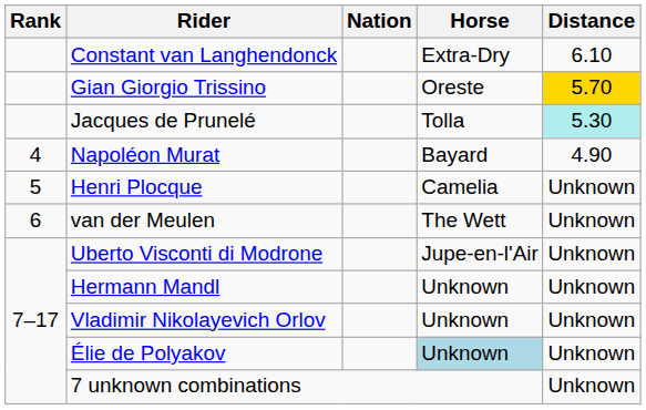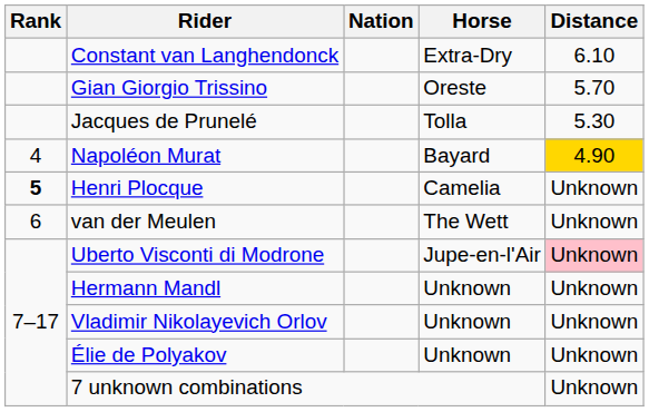 <table class="wikitable sortable" style="text-align:center">
 <tr>
 <th>Rank</th>
 <th>Rider</th>
 <th>Nation</th>
 <th>Horse</th>
 <th>Distance</th>
 </tr>
 <tr>
 <td></td>
 <td align=left><a href='#'>Constant van Langhendonck</a></td>
 <td align=left></td>
 <td align=left>Extra-Dry</td>
 <td align=center>6.10</td>
 </tr>
 <tr>
 <td></td>
 <td align=left><a href='#'>Gian Giorgio Trissino</a></td>
 <td align=left></td>
 <td align=left>Oreste</td>
-<td align=center style="background: gold;">5.70</td>
+<td align=center>5.70</td>
 </tr>
 <tr>
 <td></td>
 <td align=left>Jacques de Prunelé</td>
 <td align=left></td>
 <td align=left>Tolla</td>
-<td align=center style="background: paleturquoise;">5.30</td>
+<td align=center>5.30</td>
 </tr>
 <tr>
 <td>4</td>
 <td align=left><a href='#'>Napoléon Murat</a></td>
 <td align=left></td>
 <td align=left>Bayard</td>
-<td align=center>4.90</td>
+<td align=center style="background: gold;">4.90</td>
 </tr>
 <tr>
-<td>5</td>
+<td><strong>5</strong></td>
 <td align=left><a href='#'>Henri Plocque</a></td>
 <td align=left></td>
 <td align=left>Camelia</td>
 <td>Unknown</td>
 </tr>
 <tr>
 <td>6</td>
 <td align=left>van der Meulen</td>
 <td align=left></td>
 <td align=left>The Wett</td>
 <td>Unknown</td>
 </tr>
 <tr>
 <td rowspan=5>7–17</td>
 <td align=left><a href='#'>Uberto Visconti di Modrone</a></td>
 <td align=left></td>
 <td align=left>Jupe-en-l'Air</td>
-<td>Unknown</td>
+<td style="background: pink;">Unknown</td>
 </tr>
 <tr>
 <td align=left><a href='#'>Hermann Mandl</a></td>
 <td align=left></td>
 <td align=left>Unknown</td>
 <td>Unknown</td>
 </tr>
 <tr>
 <td align=left><a href='#'>Vladimir Nikolayevich Orlov</a></td>
 <td align=left></td>
 <td align=left>Unknown</td>
 <td>Unknown</td>
 </tr>
 <tr>
 <td align=left><a href='#'>Élie de Polyakov</a></td>
 <td align=left></td>
-<td align=left style="background: lightblue;">Unknown</td>
+<td align=left>Unknown</td>
 <td>Unknown</td>
 </tr>
 <tr>
 <td align=left colspan=3>7 unknown combinations</td>
 <td>Unknown</td>
 </tr>
 </table>
